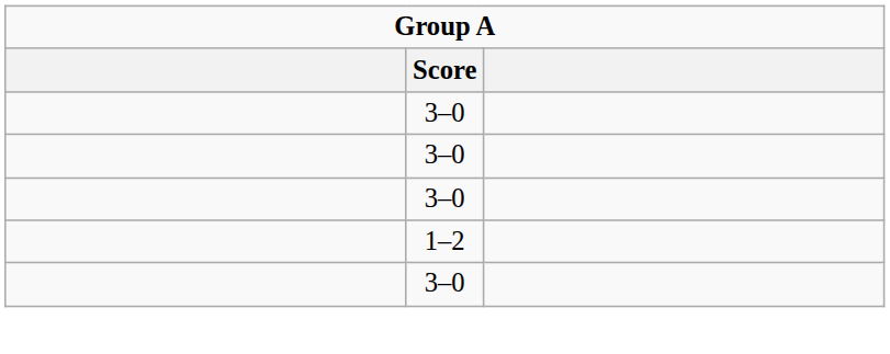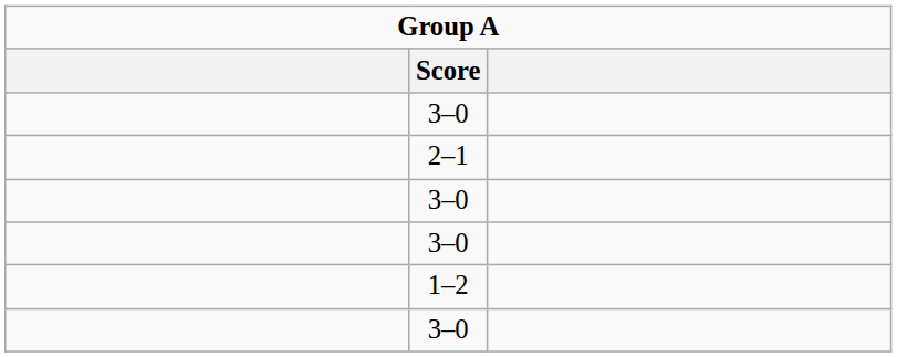 <table class="wikitable" style="text-align: center; display: inline-table;">
 <tr>
 <td colspan="3"><strong>Group A</strong></td>
 </tr>
 <tr>
 <th scope="col" style="width: 230px;"></th>
 <th scope="col" style="width: 30px;">Score</th>
 <th scope="col" style="width: 230px;"></th>
 </tr>
 <tr>
 <td></td>
 <td>3–0</td>
+<td></td>
+</tr>
+<tr>
+<td></td>
+<td>2–1</td>
 <td></td>
 </tr>
 <tr>
 <td></td>
 <td>3–0</td>
 <td></td>
 </tr>
 <tr>
 <td></td>
 <td>3–0</td>
 <td></td>
 </tr>
 <tr>
 <td></td>
 <td>1–2</td>
 <td></td>
 </tr>
 <tr>
 <td></td>
 <td>3–0</td>
 <td></td>
 </tr>
 </table>
